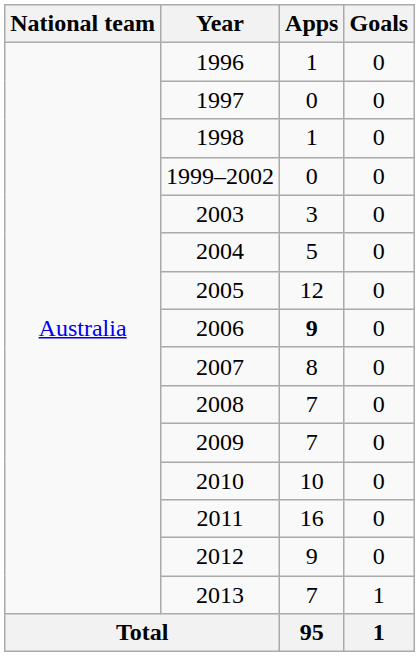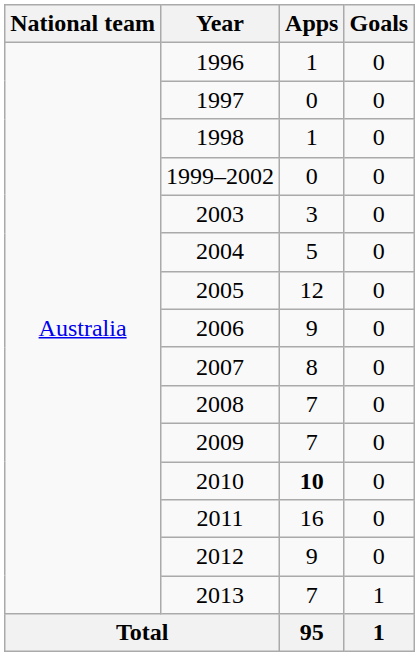 <table class="wikitable" style="text-align:center">
 <tr>
 <th>National team</th>
 <th>Year</th>
 <th>Apps</th>
 <th>Goals</th>
 </tr>
 <tr>
 <td rowspan="15"><a href='#'>Australia</a></td>
 <td>1996</td>
 <td>1</td>
 <td>0</td>
 </tr>
 <tr>
 <td>1997</td>
 <td>0</td>
 <td>0</td>
 </tr>
 <tr>
 <td>1998</td>
 <td>1</td>
 <td>0</td>
 </tr>
 <tr>
 <td>1999–2002</td>
 <td>0</td>
 <td>0</td>
 </tr>
 <tr>
 <td>2003</td>
 <td>3</td>
 <td>0</td>
 </tr>
 <tr>
 <td>2004</td>
 <td>5</td>
 <td>0</td>
 </tr>
 <tr>
 <td>2005</td>
 <td>12</td>
 <td>0</td>
 </tr>
 <tr>
 <td>2006</td>
-<td><strong>9</strong></td>
+<td>9</td>
 <td>0</td>
 </tr>
 <tr>
 <td>2007</td>
 <td>8</td>
 <td>0</td>
 </tr>
 <tr>
 <td>2008</td>
 <td>7</td>
 <td>0</td>
 </tr>
 <tr>
 <td>2009</td>
 <td>7</td>
 <td>0</td>
 </tr>
 <tr>
 <td>2010</td>
-<td>10</td>
+<td><strong>10</strong></td>
 <td>0</td>
 </tr>
 <tr>
 <td>2011</td>
 <td>16</td>
 <td>0</td>
 </tr>
 <tr>
 <td>2012</td>
 <td>9</td>
 <td>0</td>
 </tr>
 <tr>
 <td>2013</td>
 <td>7</td>
 <td>1</td>
 </tr>
 <tr>
 <th colspan="2">Total</th>
 <th>95</th>
 <th>1</th>
 </tr>
 </table>
